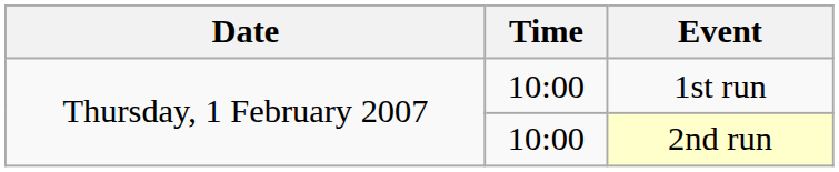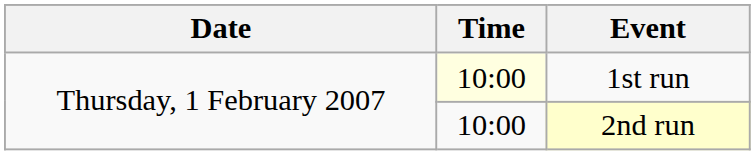 <table class = "wikitable" style="text-align:center;">
 <tr>
 <th width=220>Date</th>
 <th width=50>Time</th>
 <th width=100>Event</th>
 </tr>
 <tr>
 <td rowspan=2>Thursday, 1 February 2007</td>
-<td>10:00</td>
+<td style="background: lightyellow;">10:00</td>
 <td>1st run</td>
 </tr>
 <tr>
 <td>10:00</td>
 <td bgcolor=ffffcc>2nd run</td>
 </tr>
 </table>
